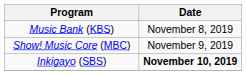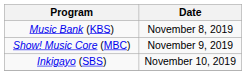 <table class="wikitable" style="text-align:center;">
 <tr>
 <th style="width:200px;">Program</th>
 <th style="width:150px;">Date</th>
 </tr>
 <tr>
 <td><em><a href='#'>Music Bank</a></em> (<a href='#'>KBS</a>)</td>
 <td>November 8, 2019</td>
 </tr>
 <tr>
 <td><em><a href='#'>Show! Music Core</a></em> (<a href='#'>MBC</a>)</td>
 <td>November 9, 2019</td>
 </tr>
 <tr>
 <td><em><a href='#'>Inkigayo</a></em> (<a href='#'>SBS</a>)</td>
-<td><strong>November 10, 2019</strong></td>
+<td>November 10, 2019</td>
 </tr>
 <tr>
 </tr>
 </table>
